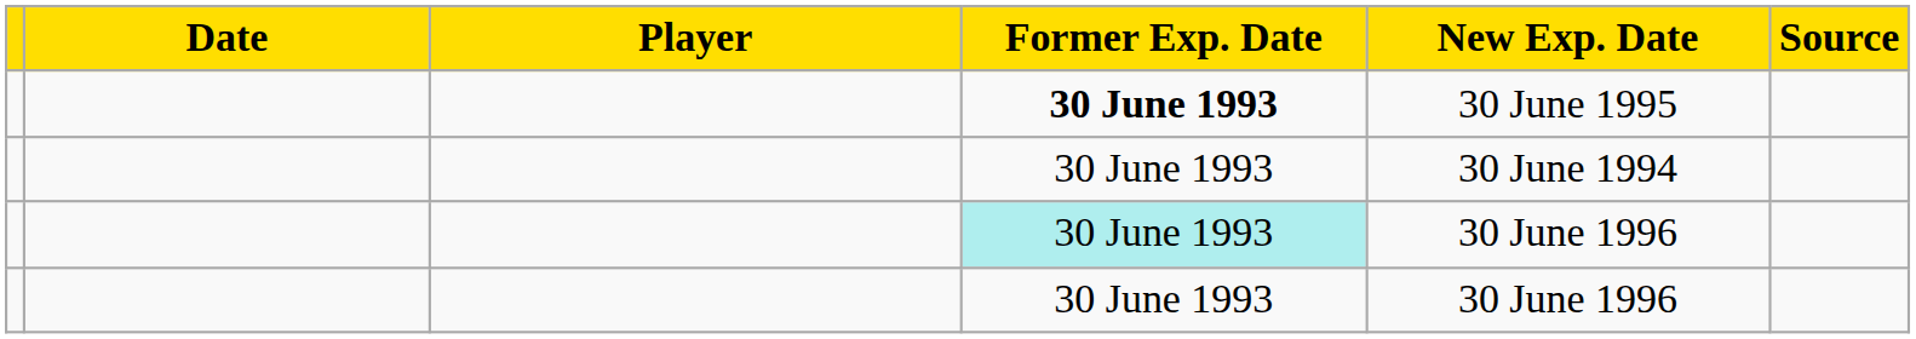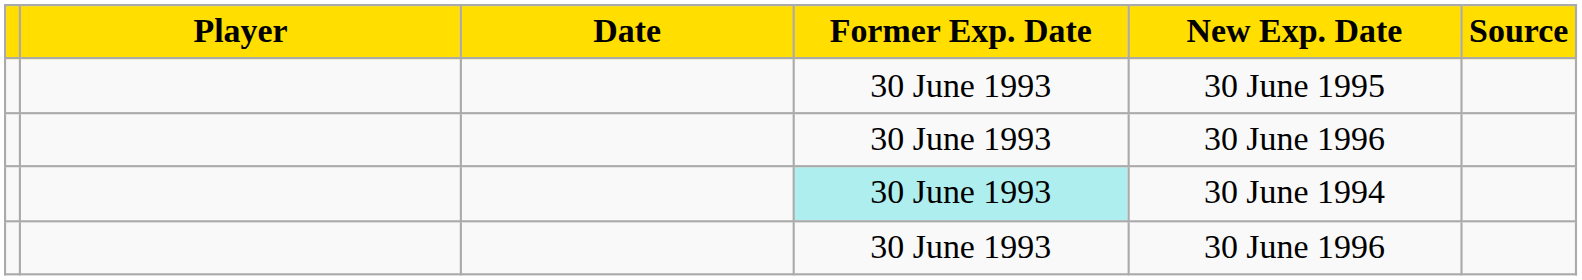 <table class="wikitable sortable">
 <tr>
 <th style="background:#FFDE00"></th>
+<th width=200 style="background:#FFDE00">Player</th>
 <th width=150 style="background:#FFDE00">Date</th>
-<th width=200 style="background:#FFDE00">Player</th>
 <th width=150 style="background:#FFDE00">Former Exp. Date</th>
 <th width=150 style="background:#FFDE00">New Exp. Date</th>
 <th style="background:#FFDE00">Source</th>
 </tr>
 <tr>
 <td align=center></td>
+<td></td>
 <td align=center></td>
-<td></td>
-<td align=center><strong>30 June 1993</strong></td>
+<td align=center>30 June 1993</td>
 <td align=center>30 June 1995</td>
 <td align=center></td>
 </tr>
 <tr>
 <td align=center></td>
+<td></td>
+<td align=center></td>
+<td align=center>30 June 1993</td>
+<td align=center>30 June 1996</td>
+<td align=center></td>
+</tr>
+<tr>
 <td align=center></td>
 <td></td>
-<td align=center>30 June 1993</td>
+<td align=center></td>
+<td align=center style="background: paleturquoise;">30 June 1993</td>
 <td align=center>30 June 1994</td>
 <td align=center></td>
 </tr>
 <tr>
 <td align=center></td>
+<td></td>
 <td align=center></td>
-<td></td>
-<td align=center style="background: paleturquoise;">30 June 1993</td>
-<td align=center>30 June 1996</td>
-<td align=center></td>
-</tr>
-<tr>
-<td align=center></td>
-<td align=center></td>
-<td></td>
 <td align=center>30 June 1993</td>
 <td align=center>30 June 1996</td>
 <td align=center></td>
 </tr>
 </table>
